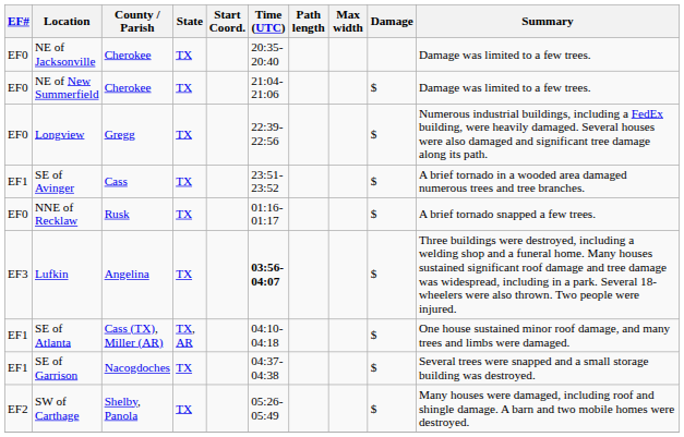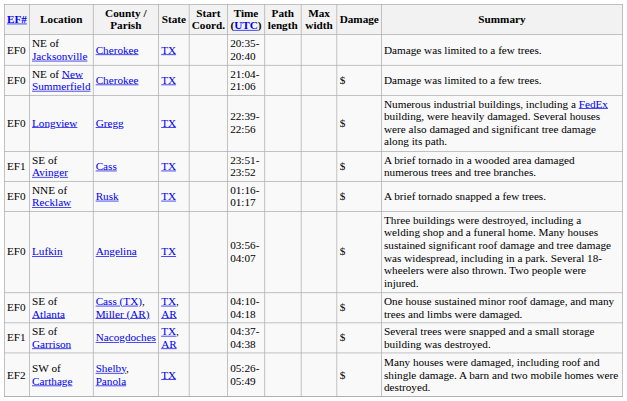 <table class="wikitable sortable" style="width:100%;">
 <tr>
 <th scope="col"  style="width:3%; text-align:center;"><a href='#'>EF#</a></th>
 <th scope="col"  style="width:7%; text-align:center;" class="unsortable">Location</th>
 <th scope="col"  style="width:6%; text-align:center;" class="unsortable">County / Parish</th>
 <th scope="col"  style="width:5%; text-align:center;">State</th>
 <th scope="col"  style="width:6%; text-align:center;">Start Coord.</th>
 <th scope="col"  style="width:6%; text-align:center;">Time (<a href='#'>UTC</a>)</th>
 <th scope="col"  style="width:6%; text-align:center;">Path length</th>
 <th scope="col"  style="width:6%; text-align:center;">Max width</th>
 <th scope="col"  style="width:6%; text-align:center;">Damage</th>
 <th scope="col" class="unsortable" style="width:48%; text-align:center;">Summary</th>
 </tr>
 <tr>
 <td>EF0</td>
 <td>NE of <a href='#'>Jacksonville</a></td>
 <td><a href='#'>Cherokee</a></td>
 <td><a href='#'>TX</a></td>
 <td></td>
 <td>20:35-20:40</td>
 <td></td>
 <td></td>
 <td></td>
 <td>Damage was limited to a few trees.</td>
 </tr>
 <tr>
 <td>EF0</td>
 <td>NE of <a href='#'>New Summerfield</a></td>
 <td><a href='#'>Cherokee</a></td>
 <td><a href='#'>TX</a></td>
 <td></td>
 <td>21:04-21:06</td>
 <td></td>
 <td></td>
 <td>$</td>
 <td>Damage was limited to a few trees.</td>
 </tr>
 <tr>
 <td>EF0</td>
 <td><a href='#'>Longview</a></td>
 <td><a href='#'>Gregg</a></td>
 <td><a href='#'>TX</a></td>
 <td></td>
 <td>22:39-22:56</td>
 <td></td>
 <td></td>
 <td>$</td>
 <td>Numerous industrial buildings, including a <a href='#'>FedEx</a> building, were heavily damaged. Several houses were also damaged and significant tree damage along its path.</td>
 </tr>
 <tr>
 <td>EF1</td>
 <td>SE of <a href='#'>Avinger</a></td>
 <td><a href='#'>Cass</a></td>
 <td><a href='#'>TX</a></td>
 <td></td>
 <td>23:51-23:52</td>
 <td></td>
 <td></td>
 <td>$</td>
 <td>A brief tornado in a wooded area damaged numerous trees and tree branches.</td>
 </tr>
 <tr>
 <td>EF0</td>
 <td>NNE of <a href='#'>Recklaw</a></td>
 <td><a href='#'>Rusk</a></td>
 <td><a href='#'>TX</a></td>
 <td></td>
 <td>01:16-01:17</td>
 <td></td>
 <td></td>
 <td>$</td>
 <td>A brief tornado snapped a few trees.</td>
 </tr>
 <tr>
-<td>EF3</td>
+<td>EF0</td>
 <td><a href='#'>Lufkin</a></td>
 <td><a href='#'>Angelina</a></td>
 <td><a href='#'>TX</a></td>
 <td></td>
-<td><strong>03:56-04:07</strong></td>
+<td>03:56-04:07</td>
 <td></td>
 <td></td>
 <td>$</td>
 <td>Three buildings were destroyed, including a welding shop and a funeral home. Many houses sustained significant roof damage and tree damage was widespread, including in a park. Several 18-wheelers were also thrown. Two people were injured.</td>
 </tr>
 <tr>
-<td>EF1</td>
+<td>EF0</td>
 <td>SE of <a href='#'>Atlanta</a></td>
 <td><a href='#'>Cass (TX)</a>, <a href='#'>Miller (AR)</a></td>
 <td><a href='#'>TX</a>, <a href='#'>AR</a></td>
 <td></td>
 <td>04:10-04:18</td>
 <td></td>
 <td></td>
 <td>$</td>
 <td>One house sustained minor roof damage, and many trees and limbs were damaged.</td>
 </tr>
 <tr>
 <td>EF1</td>
 <td>SE of <a href='#'>Garrison</a></td>
 <td><a href='#'>Nacogdoches</a></td>
-<td><a href='#'>TX</a></td>
+<td><a href='#'>TX</a>, <a href='#'>AR</a></td>
 <td></td>
 <td>04:37-04:38</td>
 <td></td>
 <td></td>
 <td>$</td>
 <td>Several trees were snapped and a small storage building was destroyed.</td>
 </tr>
 <tr>
 <td>EF2</td>
 <td>SW of <a href='#'>Carthage</a></td>
 <td><a href='#'>Shelby</a>, <a href='#'>Panola</a></td>
 <td><a href='#'>TX</a></td>
 <td></td>
 <td>05:26-05:49</td>
 <td></td>
 <td></td>
 <td>$</td>
 <td>Many houses were damaged, including roof and shingle damage. A barn and two mobile homes were destroyed.</td>
 </tr>
 <tr>
 </tr>
 </table>
